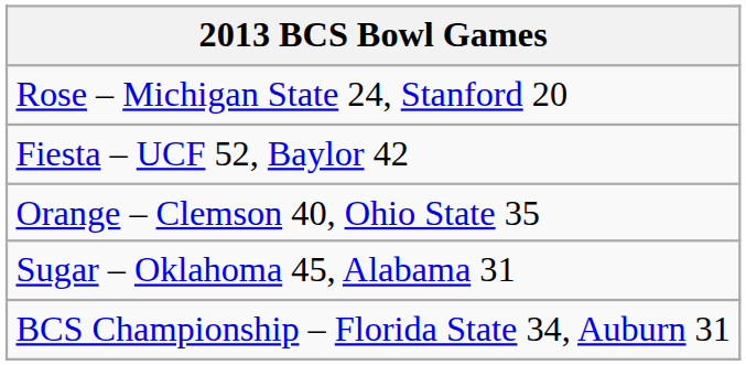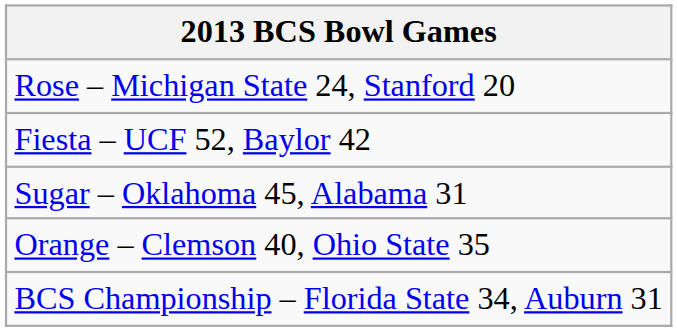 <table class="wikitable collapsible" style="float:right; font-size:90%">
 <tr>
 <th>2013 BCS Bowl Games</th>
 </tr>
 <tr>
 <td><a href='#'>Rose</a> – <a href='#'>Michigan State</a> 24, <a href='#'>Stanford</a> 20</td>
 </tr>
 <tr>
 <td><a href='#'>Fiesta</a> – <a href='#'>UCF</a> 52, <a href='#'>Baylor</a> 42</td>
 </tr>
 <tr>
-<td><a href='#'>Orange</a> – <a href='#'>Clemson</a> 40, <a href='#'>Ohio State</a> 35</td>
+<td><a href='#'>Sugar</a> – <a href='#'>Oklahoma</a> 45, <a href='#'>Alabama</a> 31</td>
 </tr>
 <tr>
-<td><a href='#'>Sugar</a> – <a href='#'>Oklahoma</a> 45, <a href='#'>Alabama</a> 31</td>
+<td><a href='#'>Orange</a> – <a href='#'>Clemson</a> 40, <a href='#'>Ohio State</a> 35</td>
 </tr>
 <tr>
 <td><a href='#'>BCS Championship</a> – <a href='#'>Florida State</a> 34, <a href='#'>Auburn</a> 31</td>
 </tr>
 </table>
